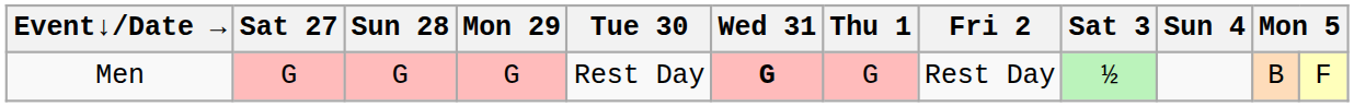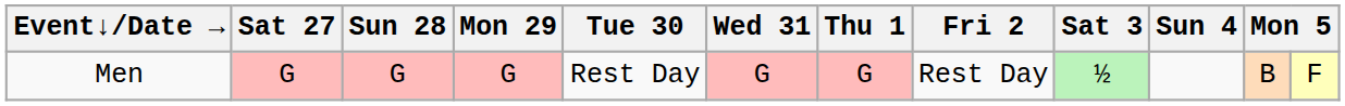 <table class="wikitable" style="margin:0.5em auto; font-size:90%; line-height:1.25em; text-align:center;">
 <tr>
 <th>Event↓/Date →</th>
 <th>Sat 27</th>
 <th>Sun 28</th>
 <th>Mon 29</th>
 <th>Tue 30</th>
 <th>Wed 31</th>
 <th>Thu 1</th>
 <th>Fri 2</th>
 <th>Sat 3</th>
 <th colspan="2">Sun 4</th>
 <th colspan="2">Mon 5</th>
 </tr>
 <tr>
 <td>Men</td>
 <td bgcolor="#FFBBBB">G</td>
 <td bgcolor="#FFBBBB">G</td>
 <td bgcolor="#FFBBBB">G</td>
 <td>Rest Day</td>
-<td bgcolor="#FFBBBB"><strong>G</strong></td>
+<td bgcolor="#FFBBBB">G</td>
 <td bgcolor="#FFBBBB">G</td>
 <td>Rest Day</td>
 <td bgcolor="#BBF3BB">½</td>
 <td colspan="2"></td>
 <td bgcolor="#FEDCBA">B</td>
 <td bgcolor="#FFFFBB">F</td>
 </tr>
 </table>
